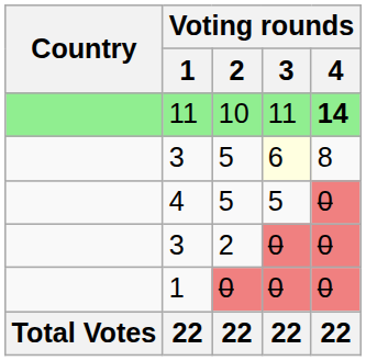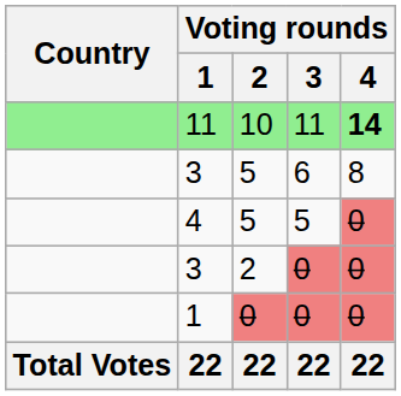 <table class="wikitable">
 <tr>
 <th rowspan="2">Country</th>
 <th colspan="4">Voting rounds</th>
 </tr>
 <tr>
 <th>1</th>
 <th>2</th>
 <th>3</th>
 <th>4</th>
 </tr>
 <tr bgcolor=#90EE90>
 <td align=left><strong></strong></td>
 <td>11</td>
 <td>10</td>
 <td>11</td>
 <td><strong>14</strong></td>
 </tr>
 <tr>
 <td align=left></td>
 <td>3</td>
 <td>5</td>
-<td style="background: lightyellow;">6</td>
+<td>6</td>
 <td>8</td>
 </tr>
 <tr>
 <td align=left></td>
 <td>4</td>
 <td>5</td>
 <td>5</td>
 <td bgcolor=#F08080><del>0</del></td>
 </tr>
 <tr>
 <td align=left></td>
 <td>3</td>
 <td>2</td>
 <td bgcolor=#F08080><del>0</del></td>
 <td bgcolor=#F08080><del>0</del></td>
 </tr>
 <tr>
 <td align=left></td>
 <td>1</td>
 <td bgcolor=#F08080><del>0</del></td>
 <td bgcolor=#F08080><del>0</del></td>
 <td bgcolor=#F08080><del>0</del></td>
 </tr>
 <tr>
 <th align=left>Total Votes</th>
 <th>22</th>
 <th>22</th>
 <th>22</th>
 <th>22</th>
 </tr>
 </table>
